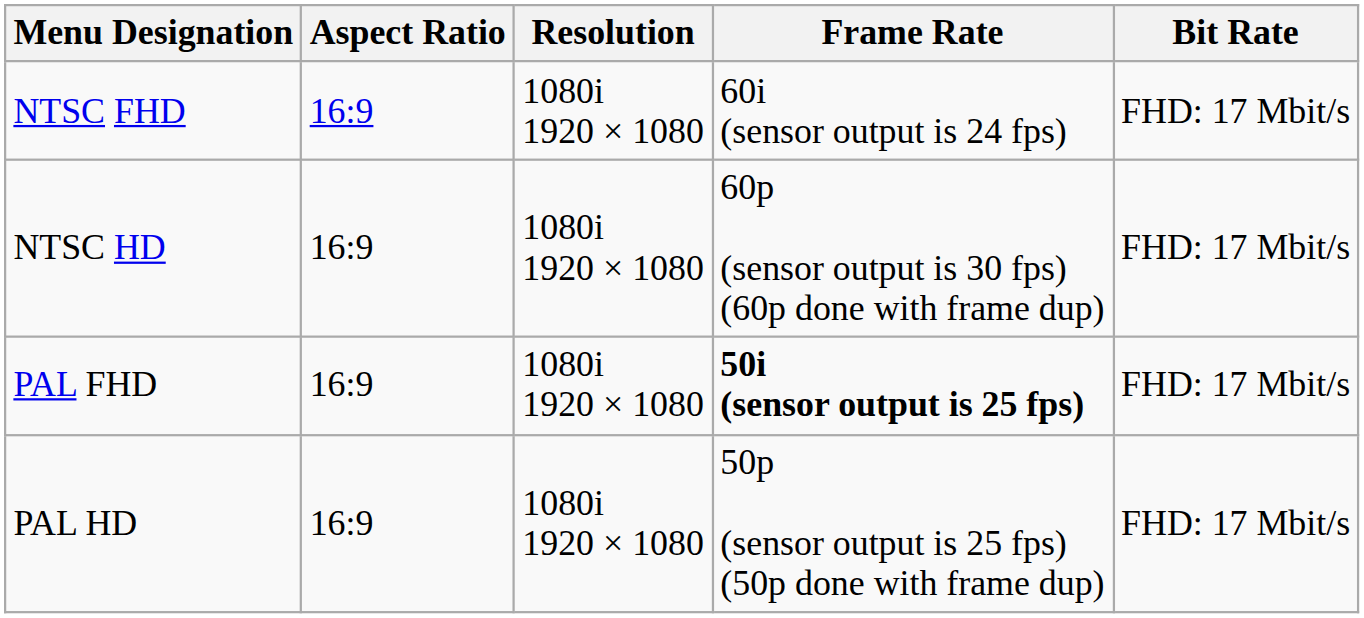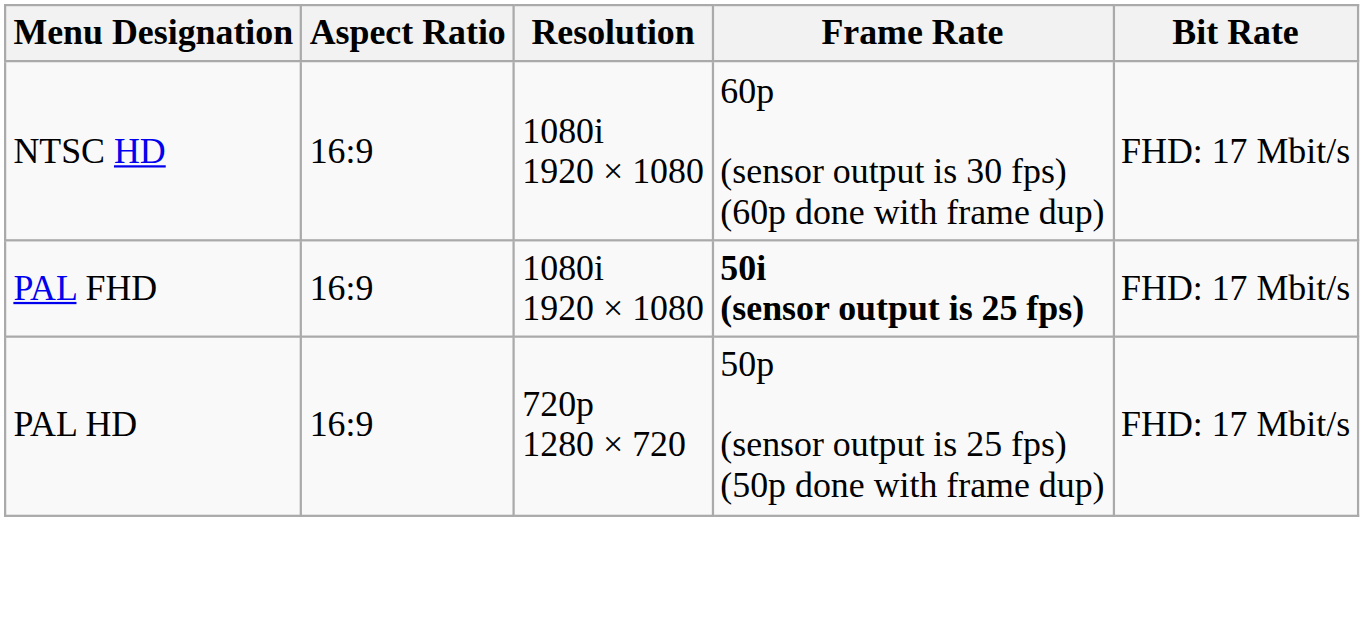 <table class="wikitable plainlinks" border="1">
 <tr>
 <th>Menu Designation</th>
 <th>Aspect Ratio</th>
 <th>Resolution</th>
 <th>Frame Rate</th>
 <th>Bit Rate</th>
-</tr>
-<tr>
-<td><a href='#'>NTSC</a> <a href='#'>FHD</a></td>
-<td><a href='#'>16:9</a></td>
-<td>1080i<br>1920 × 1080</td>
-<td>60i<br>(sensor output is 24 fps)</td>
-<td>FHD: 17 Mbit/s</td>
 </tr>
 <tr>
 <td>NTSC <a href='#'>HD</a></td>
 <td>16:9</td>
 <td>1080i<br>1920 × 1080</td>
 <td>60p<br><br>(sensor output is 30 fps)<br> (60p done with frame dup)</td>
 <td>FHD: 17 Mbit/s</td>
 </tr>
 <tr>
 <td><a href='#'>PAL</a> FHD</td>
 <td>16:9</td>
 <td>1080i<br>1920 × 1080</td>
 <td><strong>50i<br>(sensor output is 25 fps)</strong></td>
 <td>FHD: 17 Mbit/s</td>
 </tr>
 <tr>
 <td>PAL HD</td>
 <td>16:9</td>
-<td>1080i<br>1920 × 1080</td>
+<td>720p<br>1280 × 720</td>
 <td>50p<br><br>(sensor output is 25 fps)<br> (50p done with frame dup)</td>
 <td>FHD: 17 Mbit/s</td>
 </tr>
 </table>
